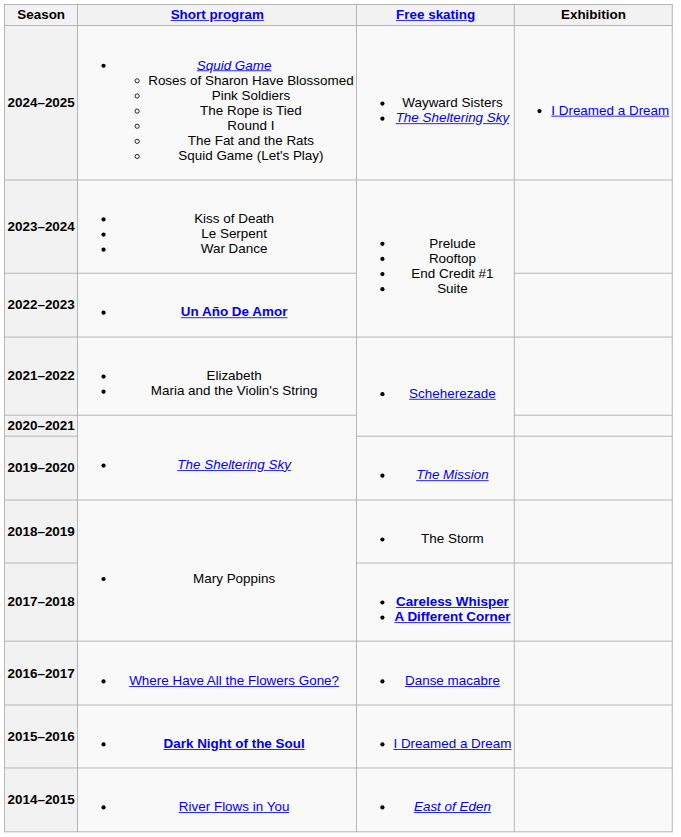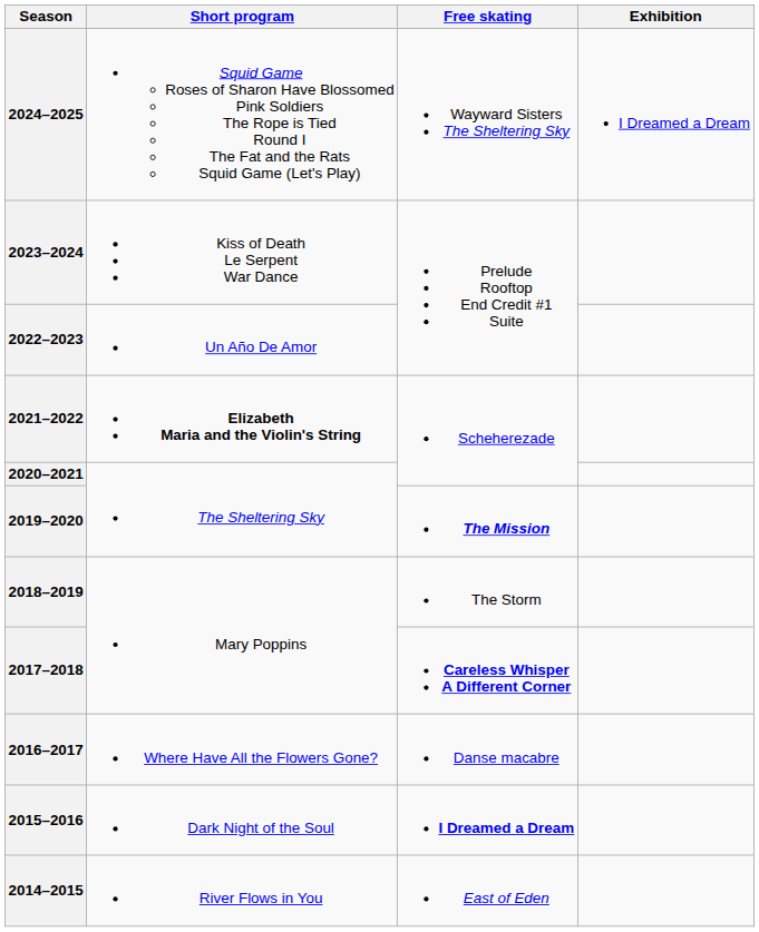 <table class=wikitable style=text-align:center>
 <tr>
 <th>Season</th>
 <th><a href='#'>Short program</a></th>
 <th><a href='#'>Free skating</a></th>
 <th>Exhibition</th>
 </tr>
 <tr>
 <th>2024–2025 <br> </th>
 <td><br><ul><li><em><a href='#'>Squid Game</a></em><ul><li>Roses of Sharon Have Blossomed</li><li>Pink Soldiers <br> </li><li>The Rope is Tied</li><li>Round I <br></li><li>The Fat and the Rats <br></li><li>Squid Game (Let's Play) <br> </li></ul></li></ul></td>
 <td><br><ul><li>Wayward Sisters<br></li><li><em><a href='#'>The Sheltering Sky</a></em> <br></li></ul></td>
 <td><br><ul><li><a href='#'>I Dreamed a Dream</a> <br></li></ul></td>
 </tr>
 <tr>
 <th>2023–2024 <br> </th>
 <td><br><ul><li>Kiss of Death <br></li><li>Le Serpent <br></li><li>War Dance <br></li></ul></td>
 <td rowspan=2><br><ul><li>Prelude</li><li>Rooftop <br></li><li>End Credit #1 <br></li><li>Suite <br></li></ul></td>
 <td></td>
 </tr>
 <tr>
 <th>2022–2023 <br> </th>
-<td><strong><br><ul><li><a href='#'>Un Año De Amor</a> <br></li></ul></strong></td>
+<td><br><ul><li><a href='#'>Un Año De Amor</a> <br></li></ul></td>
 <td></td>
 </tr>
 <tr>
 <th>2021–2022 <br> </th>
-<td><br><ul><li>Elizabeth</li><li>Maria and the Violin's String <br></li></ul></td>
+<td><strong><br><ul><li>Elizabeth</li><li>Maria and the Violin's String <br></li></ul></strong></td>
 <td rowspan= 2><br><ul><li><a href='#'>Scheherezade</a> <br></li></ul></td>
 <td></td>
 </tr>
 <tr>
 <th>2020–2021 <br> </th>
 <td rowspan=2><br><ul><li><em><a href='#'>The Sheltering Sky</a></em> <br></li></ul></td>
 <td></td>
 </tr>
 <tr>
 <th>2019–2020 <br> </th>
-<td><br><ul><li><em><a href='#'>The Mission</a></em> <br></li></ul></td>
+<td><strong><br><ul><li><em><a href='#'>The Mission</a></em> <br></li></ul></strong></td>
 </tr>
 <tr>
 <th>2018–2019 <br> </th>
 <td rowspan=2><br><ul><li>Mary Poppins <br></li></ul></td>
 <td><br><ul><li>The Storm <br></li></ul></td>
 <td></td>
 </tr>
 <tr>
 <th>2017–2018 <br> </th>
 <td><strong><br><ul><li><a href='#'>Careless Whisper</a> <br></li><li><a href='#'>A Different Corner</a> <br></li></ul></strong></td>
 <td></td>
 </tr>
 <tr>
 <th>2016–2017</th>
 <td><br><ul><li><a href='#'>Where Have All the Flowers Gone?</a> <br></li></ul></td>
 <td><br><ul><li><a href='#'>Danse macabre</a> <br></li></ul></td>
 <td></td>
 </tr>
 <tr>
 <th>2015–2016</th>
-<td><strong><br><ul><li><a href='#'>Dark Night of the Soul</a> <br></li></ul></strong></td>
-<td><br><ul><li><a href='#'>I Dreamed a Dream</a> <br></li></ul></td>
+<td><br><ul><li><a href='#'>Dark Night of the Soul</a> <br></li></ul></td>
+<td><strong><br><ul><li><a href='#'>I Dreamed a Dream</a> <br></li></ul></strong></td>
 <td></td>
 </tr>
 <tr>
 <th>2014–2015</th>
 <td><br><ul><li><a href='#'>River Flows in You</a> <br></li></ul></td>
 <td><br><ul><li><em><a href='#'>East of Eden</a></em> <br></li></ul></td>
 <td></td>
 </tr>
 </table>
